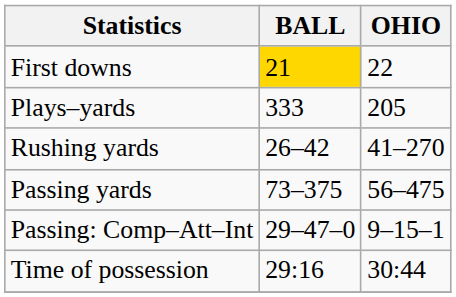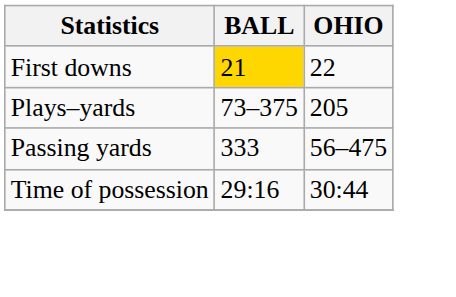 <table class="wikitable" style="float: left;">
 <tr>
 <th>Statistics</th>
 <th>BALL</th>
 <th>OHIO</th>
 </tr>
 <tr>
 <td>First downs</td>
 <td style="background: gold;">21</td>
 <td>22</td>
 </tr>
 <tr>
 <td>Plays–yards</td>
-<td>333</td>
+<td>73–375</td>
 <td>205</td>
 </tr>
 <tr>
-<td>Rushing yards</td>
-<td>26–42</td>
-<td>41–270</td>
-</tr>
-<tr>
 <td>Passing yards</td>
-<td>73–375</td>
+<td>333</td>
 <td>56–475</td>
-</tr>
-<tr>
-<td>Passing: Comp–Att–Int</td>
-<td>29–47–0</td>
-<td>9–15–1</td>
 </tr>
 <tr>
 <td>Time of possession</td>
 <td>29:16</td>
 <td>30:44</td>
 </tr>
 <tr>
 </tr>
 </table>
